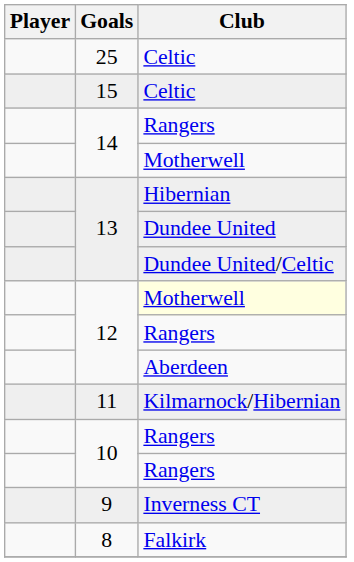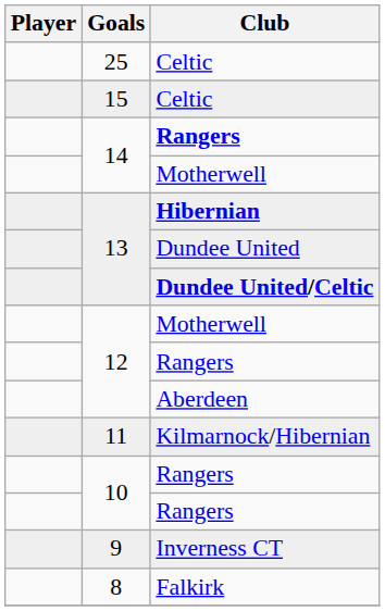 <table class="wikitable">
 <tr>
 <th>Player</th>
 <th>Goals</th>
 <th>Club</th>
 </tr>
 <tr>
 <td> </td>
 <td align=center>25</td>
 <td><a href='#'>Celtic</a></td>
 </tr>
 <tr bgcolor="#EFEFEF">
 <td> </td>
 <td align=center>15</td>
 <td><a href='#'>Celtic</a></td>
 </tr>
 <tr>
 <td> </td>
 <td rowspan=2 align=center>14</td>
-<td><a href='#'>Rangers</a></td>
+<td><strong><a href='#'>Rangers</a></strong></td>
 </tr>
 <tr>
 <td> </td>
 <td><a href='#'>Motherwell</a></td>
 </tr>
 <tr bgcolor="#EFEFEF">
 <td> </td>
 <td rowspan=3 align=center>13</td>
-<td><a href='#'>Hibernian</a></td>
+<td><strong><a href='#'>Hibernian</a></strong></td>
 </tr>
 <tr bgcolor="#EFEFEF">
 <td> </td>
 <td><a href='#'>Dundee United</a></td>
 </tr>
 <tr bgcolor="#EFEFEF">
 <td> </td>
-<td><a href='#'>Dundee United</a>/<a href='#'>Celtic</a></td>
+<td><strong><a href='#'>Dundee United</a>/<a href='#'>Celtic</a></strong></td>
 </tr>
 <tr>
 <td> </td>
 <td rowspan=3 align=center>12</td>
-<td style="background: lightyellow;"><a href='#'>Motherwell</a></td>
+<td><a href='#'>Motherwell</a></td>
 </tr>
 <tr>
 <td> </td>
 <td><a href='#'>Rangers</a></td>
 </tr>
 <tr>
 <td> </td>
 <td><a href='#'>Aberdeen</a></td>
 </tr>
 <tr bgcolor="#EFEFEF">
 <td> </td>
 <td align=center>11</td>
 <td><a href='#'>Kilmarnock</a>/<a href='#'>Hibernian</a></td>
 </tr>
 <tr>
 <td> </td>
 <td rowspan=2 align=center>10</td>
 <td><a href='#'>Rangers</a></td>
 </tr>
 <tr>
 <td> </td>
 <td><a href='#'>Rangers</a></td>
 </tr>
 <tr bgcolor="#EFEFEF">
 <td> </td>
 <td align=center>9</td>
 <td><a href='#'>Inverness CT</a></td>
 </tr>
 <tr>
 <td> </td>
 <td align=center>8</td>
 <td><a href='#'>Falkirk</a></td>
 </tr>
 <tr>
 </tr>
 </table>
